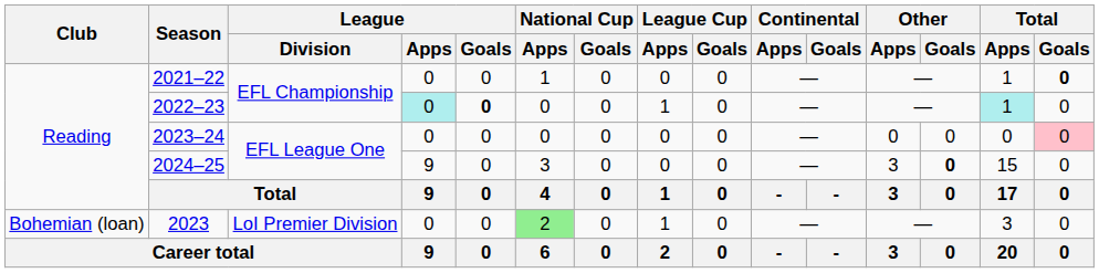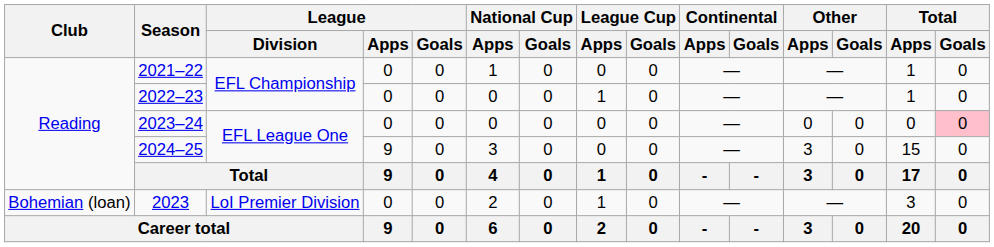 <table class="wikitable" style="text-align:center">
 <tr>
 <th rowspan="2">Club</th>
 <th rowspan="2">Season</th>
 <th colspan="3">League</th>
 <th colspan="2">National Cup</th>
 <th colspan="2">League Cup</th>
 <th colspan="2">Continental</th>
 <th colspan="2">Other</th>
 <th colspan="2">Total</th>
 </tr>
 <tr>
 <th>Division</th>
 <th>Apps</th>
 <th>Goals</th>
 <th>Apps</th>
 <th>Goals</th>
 <th>Apps</th>
 <th>Goals</th>
 <th>Apps</th>
 <th>Goals</th>
 <th>Apps</th>
 <th>Goals</th>
 <th>Apps</th>
 <th>Goals</th>
 </tr>
 <tr>
 <td rowspan="5"><a href='#'>Reading</a></td>
 <td><a href='#'>2021–22</a></td>
 <td rowspan="2"><a href='#'>EFL Championship</a></td>
 <td>0</td>
 <td>0</td>
 <td>1</td>
 <td>0</td>
 <td>0</td>
 <td>0</td>
 <td colspan="2">—</td>
 <td colspan="2">—</td>
 <td>1</td>
-<td><strong>0</strong></td>
+<td>0</td>
 </tr>
 <tr>
 <td><a href='#'>2022–23</a></td>
-<td style="background: paleturquoise;">0</td>
-<td><strong>0</strong></td>
+<td>0</td>
+<td>0</td>
 <td>0</td>
 <td>0</td>
 <td>1</td>
 <td>0</td>
 <td colspan="2">—</td>
 <td colspan="2">—</td>
-<td style="background: paleturquoise;">1</td>
+<td>1</td>
 <td>0</td>
 </tr>
 <tr>
 <td><a href='#'>2023–24</a></td>
 <td rowspan="2"><a href='#'>EFL League One</a></td>
 <td>0</td>
 <td>0</td>
 <td>0</td>
 <td>0</td>
 <td>0</td>
 <td>0</td>
 <td colspan="2">—</td>
 <td>0</td>
 <td>0</td>
 <td>0</td>
 <td style="background: pink;">0</td>
 </tr>
 <tr>
 <td><a href='#'>2024–25</a></td>
 <td>9</td>
 <td>0</td>
 <td>3</td>
 <td>0</td>
 <td>0</td>
 <td>0</td>
 <td colspan="2">—</td>
 <td>3</td>
-<td><strong>0</strong></td>
+<td>0</td>
 <td>15</td>
 <td>0</td>
 </tr>
 <tr>
 <th colspan="2">Total</th>
 <th>9</th>
 <th>0</th>
 <th>4</th>
 <th>0</th>
 <th>1</th>
 <th>0</th>
 <th>-</th>
 <th>-</th>
 <th>3</th>
 <th>0</th>
 <th>17</th>
 <th>0</th>
 </tr>
 <tr>
 <td><a href='#'>Bohemian</a> (loan)</td>
 <td><a href='#'>2023</a></td>
 <td><a href='#'>LoI Premier Division</a></td>
 <td>0</td>
 <td>0</td>
-<td style="background: lightgreen;">2</td>
+<td>2</td>
 <td>0</td>
 <td>1</td>
 <td>0</td>
 <td colspan="2">—</td>
 <td colspan="2">—</td>
 <td>3</td>
 <td>0</td>
 </tr>
 <tr>
 <th colspan="3">Career total</th>
 <th>9</th>
 <th>0</th>
 <th>6</th>
 <th>0</th>
 <th>2</th>
 <th>0</th>
 <th>-</th>
 <th>-</th>
 <th>3</th>
 <th>0</th>
 <th>20</th>
 <th>0</th>
 </tr>
 </table>
